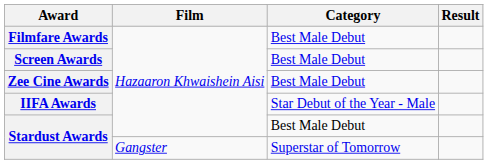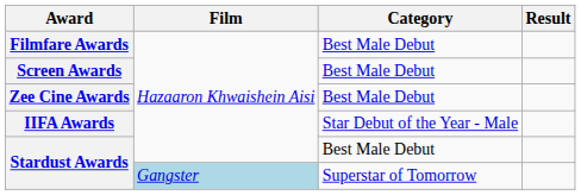 <table class="wikitable">
 <tr style="background:#ccc; text-align:center;">
 <th>Award</th>
 <th>Film</th>
 <th>Category</th>
 <th>Result</th>
 </tr>
 <tr>
 <th><a href='#'>Filmfare Awards</a></th>
 <td rowspan="5"><em><a href='#'>Hazaaron Khwaishein Aisi</a></em></td>
 <td><a href='#'>Best Male Debut</a></td>
 <td></td>
 </tr>
 <tr>
 <th><a href='#'>Screen Awards</a></th>
 <td><a href='#'>Best Male Debut</a></td>
 <td></td>
 </tr>
 <tr>
 <th><a href='#'>Zee Cine Awards</a></th>
 <td><a href='#'>Best Male Debut</a></td>
 <td></td>
 </tr>
 <tr>
 <th><a href='#'>IIFA Awards</a></th>
 <td><a href='#'>Star Debut of the Year - Male</a></td>
 <td></td>
 </tr>
 <tr>
 <th rowspan="2"><a href='#'>Stardust Awards</a></th>
 <td>Best Male Debut</td>
 <td></td>
 </tr>
 <tr>
-<td><em><a href='#'>Gangster</a></em></td>
+<td style="background: lightblue;"><em><a href='#'>Gangster</a></em></td>
 <td><a href='#'>Superstar of Tomorrow</a></td>
 <td></td>
 </tr>
 </table>
